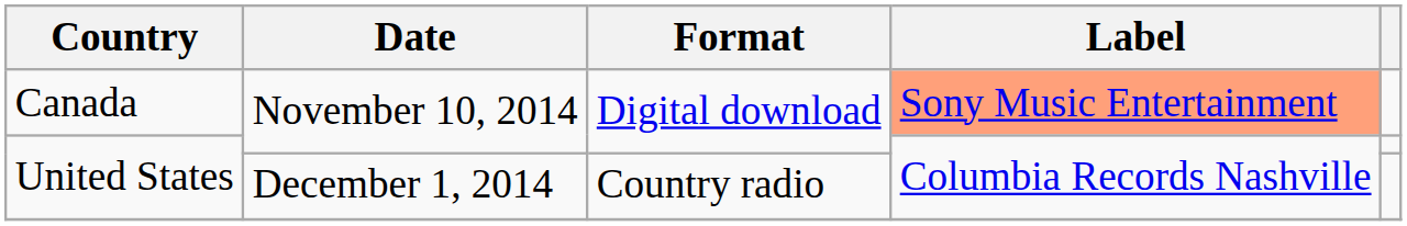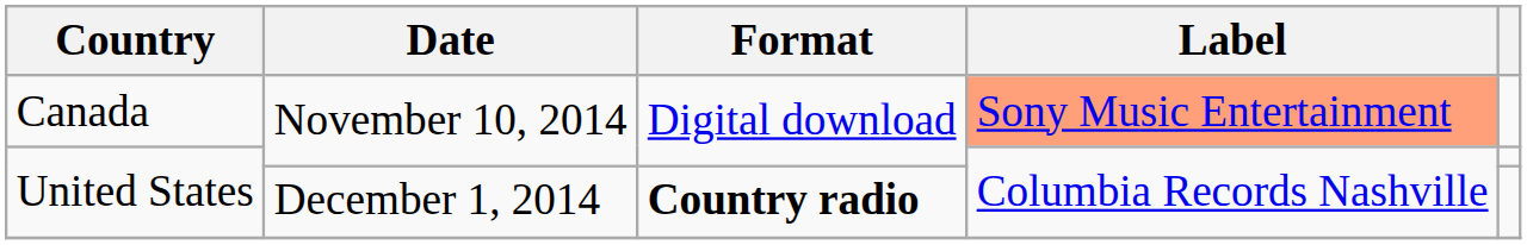 <table class="wikitable">
 <tr>
 <th>Country</th>
 <th>Date</th>
 <th>Format</th>
 <th>Label</th>
 <th></th>
 </tr>
 <tr>
 <td>Canada</td>
 <td rowspan="2">November 10, 2014</td>
 <td rowspan="2"><a href='#'>Digital download</a></td>
 <td style="background: lightsalmon;"><a href='#'>Sony Music Entertainment</a></td>
 <td></td>
 </tr>
 <tr>
 <td rowspan="2">United States</td>
 <td rowspan="2"><a href='#'>Columbia Records Nashville</a></td>
 <td></td>
 </tr>
 <tr>
 <td>December 1, 2014</td>
-<td>Country radio</td>
+<td><strong>Country radio</strong></td>
 <td></td>
 </tr>
 <tr>
 </tr>
 </table>
